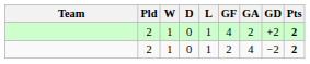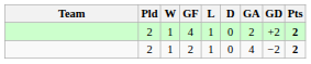 <table class="wikitable" style="text-align:center;">
 <tr>
 <th width=180>Team</th>
 <th width=20>Pld</th>
 <th width=20>W</th>
+<th width=20>GF</th>
+<th width=20>L</th>
 <th width=20>D</th>
-<th width=20>L</th>
-<th width=20>GF</th>
 <th width=20>GA</th>
 <th width=20>GD</th>
 <th width=20>Pts</th>
 </tr>
 <tr style="background:#cfc;">
 <td align="left"></td>
 <td>2</td>
 <td>1</td>
+<td>4</td>
+<td>1</td>
 <td>0</td>
-<td>1</td>
-<td>4</td>
 <td>2</td>
 <td>+2</td>
 <td><strong>2</strong></td>
 </tr>
 <tr>
 <td align="left"></td>
 <td>2</td>
 <td>1</td>
+<td>2</td>
+<td>1</td>
 <td>0</td>
-<td>1</td>
-<td>2</td>
 <td>4</td>
 <td>−2</td>
 <td><strong>2</strong></td>
 </tr>
 </table>
